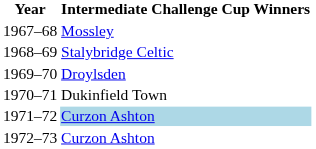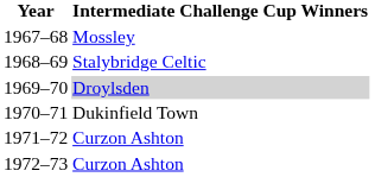 <table>
 <tr>
 <th>Year</th>
 <th>Intermediate Challenge Cup Winners</th>
 </tr>
 <tr>
 <td>1967–68</td>
 <td><a href='#'>Mossley</a></td>
 </tr>
 <tr>
 <td>1968–69</td>
 <td><a href='#'>Stalybridge Celtic</a></td>
 </tr>
 <tr>
 <td>1969–70</td>
-<td><a href='#'>Droylsden</a></td>
+<td style="background: lightgrey;"><a href='#'>Droylsden</a></td>
 </tr>
 <tr>
 <td>1970–71</td>
 <td>Dukinfield Town</td>
 </tr>
 <tr>
 <td>1971–72</td>
-<td style="background: lightblue;"><a href='#'>Curzon Ashton</a></td>
+<td><a href='#'>Curzon Ashton</a></td>
 </tr>
 <tr>
 <td>1972–73</td>
 <td><a href='#'>Curzon Ashton</a></td>
 </tr>
 </table>
